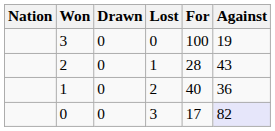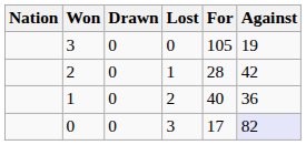 <table class="wikitable">
 <tr>
 <th>Nation</th>
 <th>Won</th>
 <th>Drawn</th>
 <th>Lost</th>
 <th>For</th>
 <th>Against</th>
 </tr>
 <tr>
 <td></td>
 <td>3</td>
 <td>0</td>
 <td>0</td>
-<td>100</td>
+<td>105</td>
 <td>19</td>
 </tr>
 <tr>
 <td></td>
 <td>2</td>
 <td>0</td>
 <td>1</td>
 <td>28</td>
-<td>43</td>
+<td>42</td>
 </tr>
 <tr>
 <td></td>
 <td>1</td>
 <td>0</td>
 <td>2</td>
 <td>40</td>
 <td>36</td>
 </tr>
 <tr>
 <td></td>
 <td>0</td>
 <td>0</td>
 <td>3</td>
 <td>17</td>
 <td style="background: lavender;">82</td>
 </tr>
 </table>
